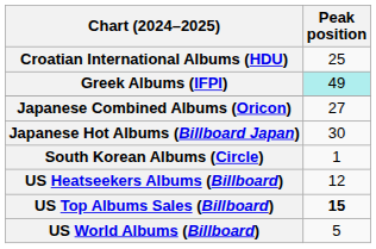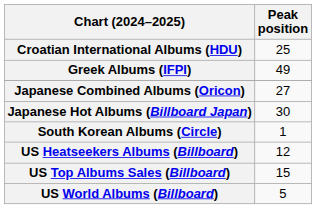 <table class="wikitable sortable plainrowheaders" style="text-align:center">
 <tr>
 <th scope="col">Chart (2024–2025)</th>
 <th scope="col">Peak<br>position</th>
 </tr>
 <tr>
 <th scope="row">Croatian International Albums (<a href='#'>HDU</a>)</th>
 <td>25</td>
 </tr>
 <tr>
 <th scope="row">Greek Albums (<a href='#'>IFPI</a>)</th>
-<td style="background: paleturquoise;">49</td>
+<td>49</td>
 </tr>
 <tr>
 </tr>
 <tr>
 <th scope="row">Japanese Combined Albums (<a href='#'>Oricon</a>)</th>
 <td>27</td>
 </tr>
 <tr>
 <th scope="row">Japanese Hot Albums (<em><a href='#'>Billboard Japan</a></em>)</th>
 <td>30</td>
 </tr>
 <tr>
 <th scope="row">South Korean Albums (<a href='#'>Circle</a>)</th>
 <td>1</td>
 </tr>
 <tr>
 <th scope="row">US <a href='#'>Heatseekers Albums</a> (<em><a href='#'>Billboard</a></em>)</th>
 <td>12</td>
 </tr>
 <tr>
 <th scope="row">US <a href='#'>Top Albums Sales</a> (<em><a href='#'>Billboard</a></em>)</th>
-<td><strong>15</strong></td>
+<td>15</td>
 </tr>
 <tr>
 <th scope="row">US <a href='#'>World Albums</a> (<em><a href='#'>Billboard</a></em>)</th>
 <td>5</td>
 </tr>
 </table>
